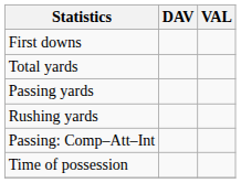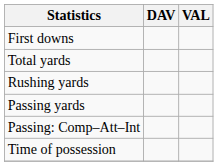 <table class="wikitable" style="float: left;">
 <tr>
 <th>Statistics</th>
 <th>DAV</th>
 <th>VAL</th>
 </tr>
 <tr>
 <td>First downs</td>
 <td></td>
 <td></td>
 </tr>
 <tr>
 <td>Total yards</td>
 <td></td>
 <td></td>
 </tr>
 <tr>
-<td>Passing yards</td>
+<td>Rushing yards</td>
 <td></td>
 <td></td>
 </tr>
 <tr>
-<td>Rushing yards</td>
+<td>Passing yards</td>
 <td></td>
 <td></td>
 </tr>
 <tr>
 <td>Passing: Comp–Att–Int</td>
 <td></td>
 <td></td>
 </tr>
 <tr>
 <td>Time of possession</td>
 <td></td>
 <td></td>
 </tr>
 <tr>
 </tr>
 </table>
